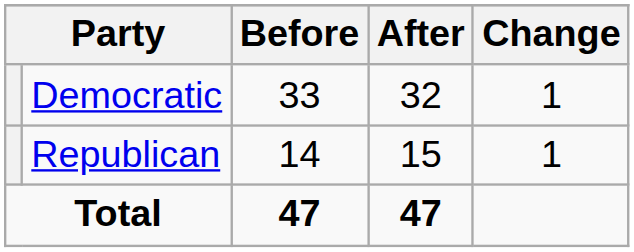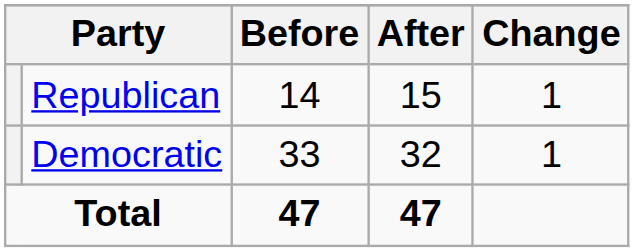 <table class="wikitable" style="text-align:center;">
 <tr>
 </tr>
 <tr>
 <th colspan=2>Party</th>
 <th>Before</th>
 <th>After</th>
 <th>Change</th>
 </tr>
 <tr>
 <th style="background-color:"></th>
-<td style="text-align:left;"><a href='#'>Democratic</a></td>
-<td>33</td>
-<td>32</td>
+<td style="text-align:left;"><a href='#'>Republican</a></td>
+<td>14</td>
+<td>15</td>
 <td> 1</td>
 </tr>
 <tr>
 <th style="background-color:"></th>
-<td style="text-align:left;"><a href='#'>Republican</a></td>
-<td>14</td>
-<td>15</td>
+<td style="text-align:left;"><a href='#'>Democratic</a></td>
+<td>33</td>
+<td>32</td>
 <td> 1</td>
 </tr>
 <tr>
 <td colspan=2><strong>Total</strong></td>
 <td><strong>47</strong></td>
 <td><strong>47</strong></td>
 <td></td>
 </tr>
 </table>
